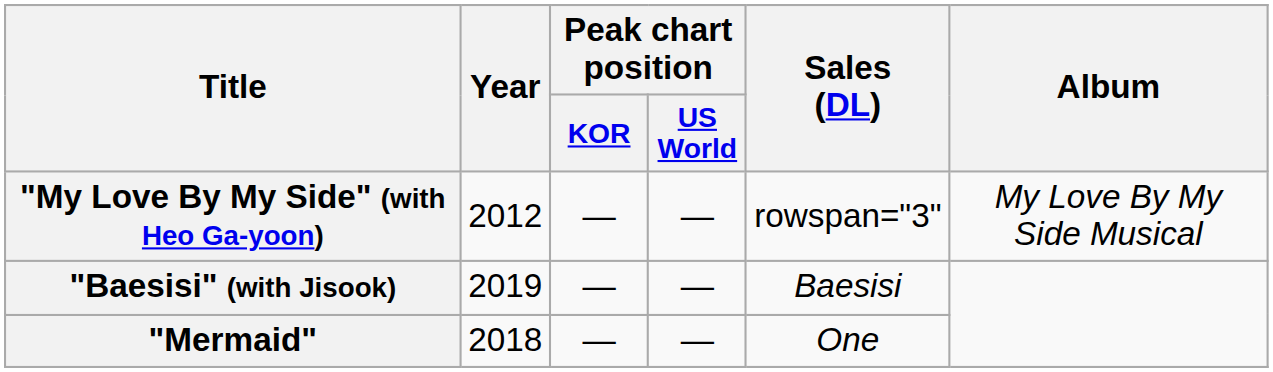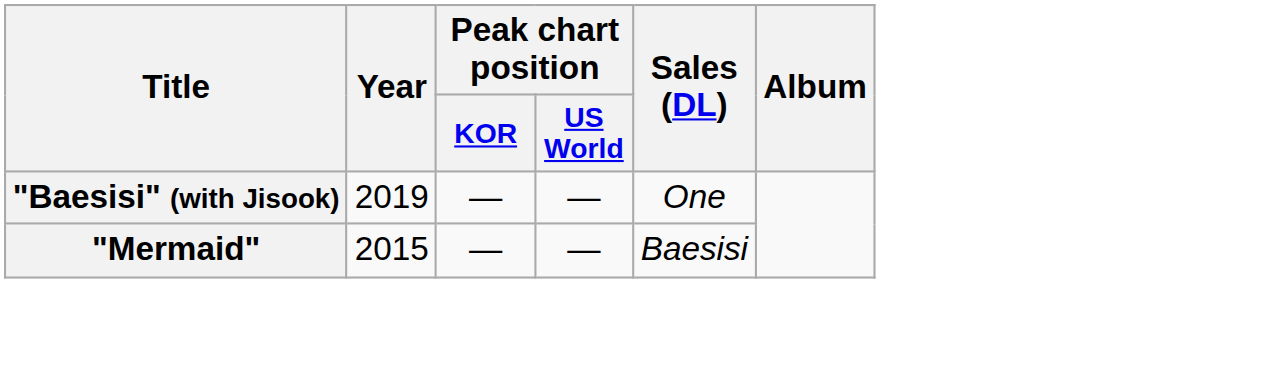 <table class="wikitable plainrowheaders" style="text-align:center;">
 <tr>
 <th rowspan="2">Title</th>
 <th rowspan="2">Year</th>
 <th colspan="2">Peak chart position</th>
 <th rowspan="2">Sales<br>(<a href='#'>DL</a>)</th>
 <th rowspan="2">Album</th>
 </tr>
 <tr>
 <th scope="col" style="width:3em;font-size:85%;"><a href='#'>KOR</a><br></th>
 <th scope="col" style="width:3em;font-size:85%;"><a href='#'>US<br>World</a></th>
 </tr>
 <tr>
-<th scope="row">"My Love By My Side" <small>(with <a href='#'>Heo Ga-yoon</a>)</small></th>
-<td>2012</td>
-<td>—</td>
-<td>—</td>
-<td>rowspan="3" </td>
-<td><em>My Love By My Side Musical</em></td>
-</tr>
-<tr>
 <th scope="row">"Baesisi" <small>(with Jisook)</small></th>
 <td>2019</td>
 <td>—</td>
 <td>—</td>
-<td><em>Baesisi</em></td>
+<td><em>One</em></td>
 </tr>
 <tr>
 <th scope="row">"Mermaid" <br></th>
-<td>2018</td>
+<td>2015</td>
 <td>—</td>
 <td>—</td>
-<td><em>One</em></td>
+<td><em>Baesisi</em></td>
 </tr>
 </table>
